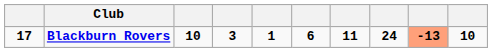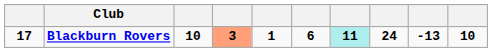 <table class="wikitable" style="text-align:center;border:1px solid #AAAAAA;font-size:90%">
 <tr>
 <th width=30></th>
 <th>Club</th>
 <th width=30></th>
 <th width=30></th>
 <th width=30></th>
 <th width=30></th>
 <th width=30></th>
 <th width=30></th>
 <th width=30></th>
 <th width=30></th>
 </tr>
 <tr>
 <td><strong>17</strong></td>
 <td align=left><strong><a href='#'>Blackburn Rovers</a></strong></td>
 <td><strong>10</strong></td>
-<td><strong>3</strong></td>
+<td style="background: lightsalmon;"><strong>3</strong></td>
 <td><strong>1</strong></td>
 <td><strong>6</strong></td>
-<td><strong>11</strong></td>
+<td style="background: paleturquoise;"><strong>11</strong></td>
 <td><strong>24</strong></td>
-<td style="background: lightsalmon;"><strong>-13</strong></td>
+<td><strong>-13</strong></td>
 <td><strong>10</strong></td>
 </tr>
 </table>
